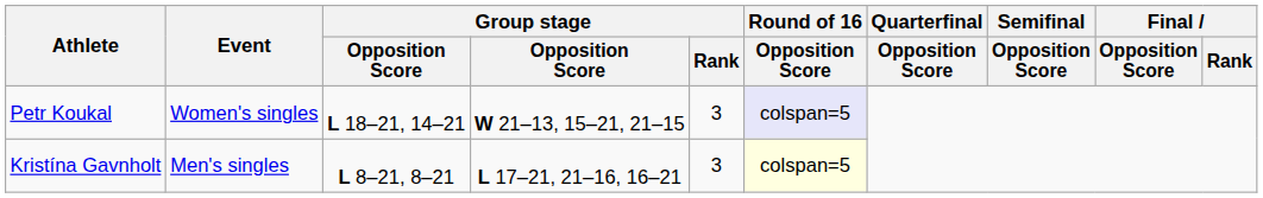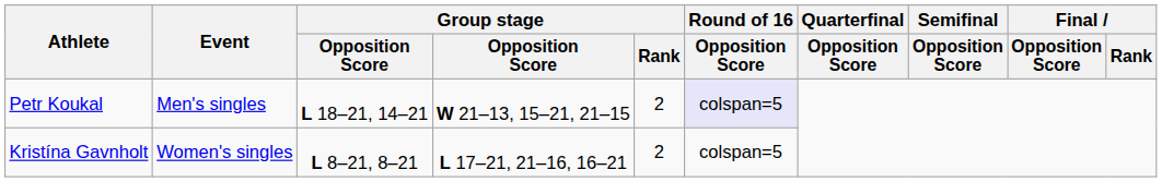 <table class="wikitable" style="font-size:90%">
 <tr>
 <th rowspan=2>Athlete</th>
 <th rowspan=2>Event</th>
 <th colspan=3>Group stage</th>
 <th>Round of 16</th>
 <th>Quarterfinal</th>
 <th>Semifinal</th>
 <th colspan=2>Final / </th>
 </tr>
 <tr style="font-size:95%">
 <th>Opposition<br>Score</th>
 <th>Opposition<br>Score</th>
 <th>Rank</th>
 <th>Opposition<br>Score</th>
 <th>Opposition<br>Score</th>
 <th>Opposition<br>Score</th>
 <th>Opposition<br>Score</th>
 <th>Rank</th>
 </tr>
 <tr align=center>
 <td align=left><a href='#'>Petr Koukal</a></td>
-<td align=left><a href='#'>Women's singles</a></td>
+<td align=left><a href='#'>Men's singles</a></td>
 <td><br><strong>L</strong> 18–21, 14–21</td>
 <td><br><strong>W</strong> 21–13, 15–21, 21–15</td>
-<td>3</td>
+<td>2</td>
 <td style="background: lavender;">colspan=5 </td>
 </tr>
 <tr align=center>
 <td align=left><a href='#'>Kristína Gavnholt</a></td>
-<td align=left><a href='#'>Men's singles</a></td>
+<td align=left><a href='#'>Women's singles</a></td>
 <td><br><strong>L</strong> 8–21, 8–21</td>
 <td><br><strong>L</strong> 17–21, 21–16, 16–21</td>
-<td>3</td>
-<td style="background: lightyellow;">colspan=5 </td>
+<td>2</td>
+<td>colspan=5 </td>
 </tr>
 </table>
